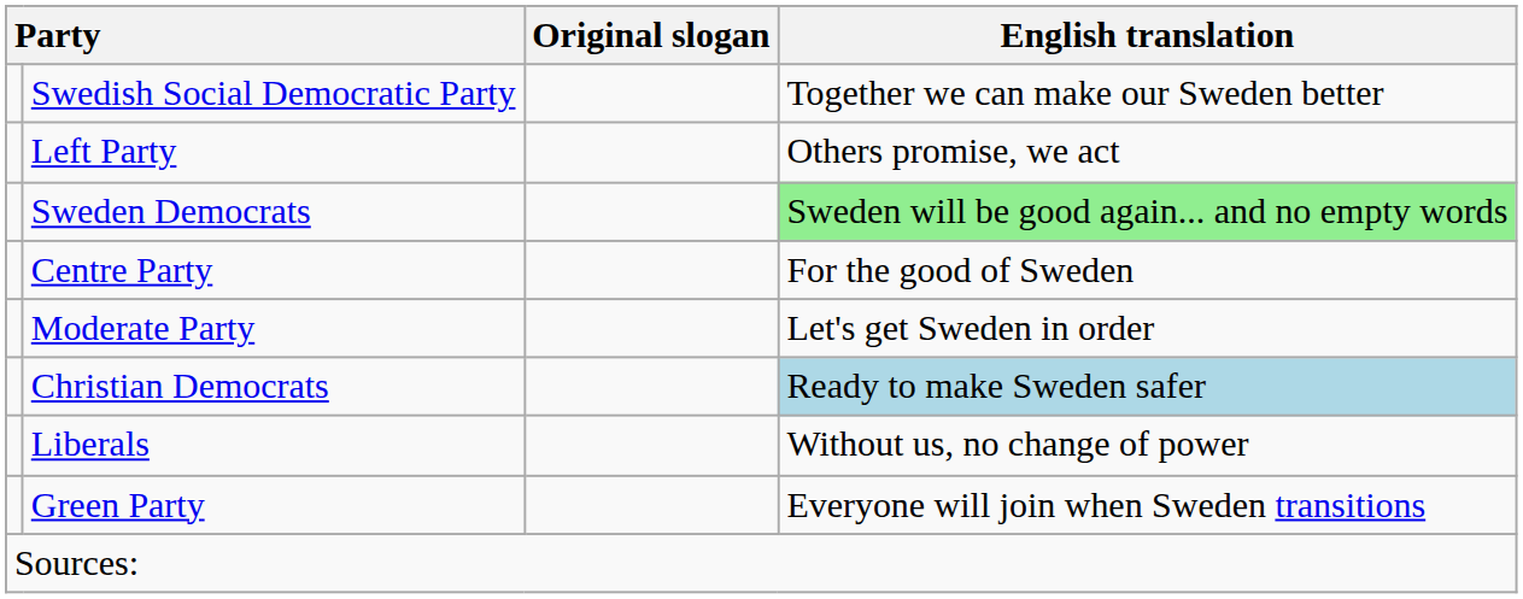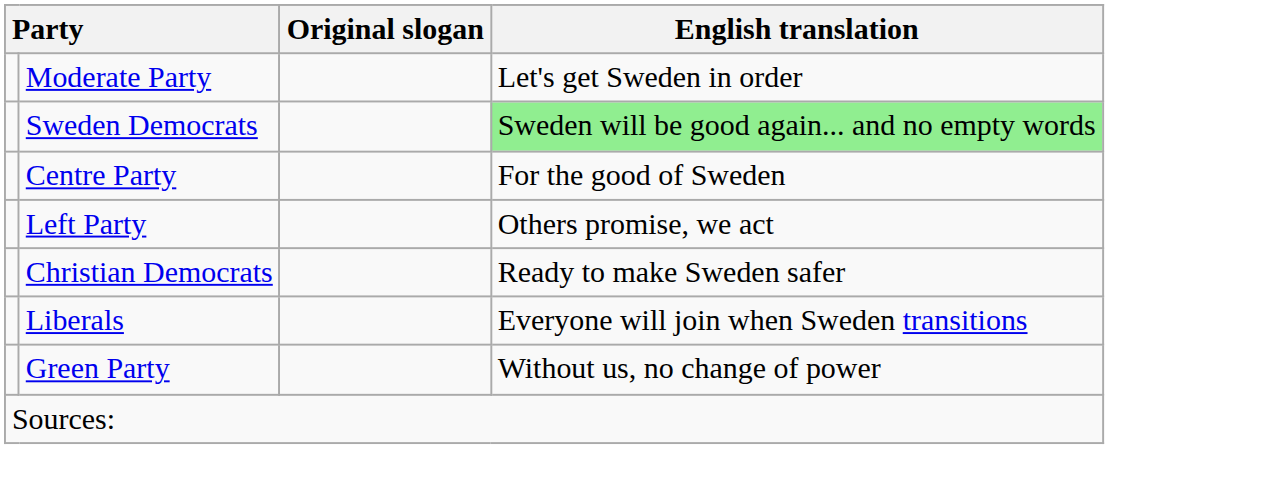 <table class="wikitable" style="font-size:97%; text-align:left">
 <tr>
 <th colspan="2" style="text-align:left;">Party</th>
 <th>Original slogan</th>
 <th>English translation</th>
 </tr>
 <tr>
 <td style="background:"></td>
-<td><a href='#'>Swedish Social Democratic Party</a></td>
+<td><a href='#'>Moderate Party</a></td>
 <td></td>
-<td>Together we can make our Sweden better</td>
-</tr>
-<tr>
-<td style="background:"></td>
-<td><a href='#'>Left Party</a></td>
-<td></td>
-<td>Others promise, we act</td>
+<td>Let's get Sweden in order</td>
 </tr>
 <tr>
 <td style="background:"></td>
 <td><a href='#'>Sweden Democrats</a></td>
 <td></td>
 <td style="background: lightgreen;">Sweden will be good again... and no empty words</td>
 </tr>
 <tr>
 <td style="background:"></td>
 <td><a href='#'>Centre Party</a></td>
 <td></td>
 <td>For the good of Sweden</td>
 </tr>
 <tr>
 <td style="background:"></td>
-<td><a href='#'>Moderate Party</a></td>
+<td><a href='#'>Left Party</a></td>
 <td></td>
-<td>Let's get Sweden in order</td>
+<td>Others promise, we act</td>
 </tr>
 <tr>
 <td style="background:"></td>
 <td><a href='#'>Christian Democrats</a></td>
 <td></td>
-<td style="background: lightblue;">Ready to make Sweden safer</td>
+<td>Ready to make Sweden safer</td>
 </tr>
 <tr>
 <td style="background:"></td>
 <td><a href='#'>Liberals</a></td>
 <td></td>
-<td>Without us, no change of power</td>
+<td>Everyone will join when Sweden <a href='#'>transitions</a></td>
 </tr>
 <tr>
 <td style="background:"></td>
 <td><a href='#'>Green Party</a></td>
 <td></td>
-<td>Everyone will join when Sweden <a href='#'>transitions</a></td>
+<td>Without us, no change of power</td>
 </tr>
 <tr>
 <td colspan="4">Sources:</td>
 </tr>
 </table>
